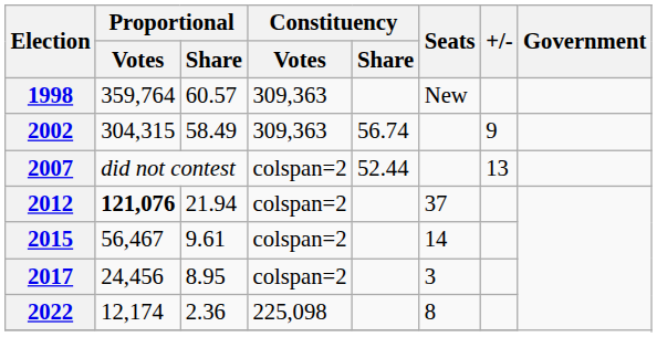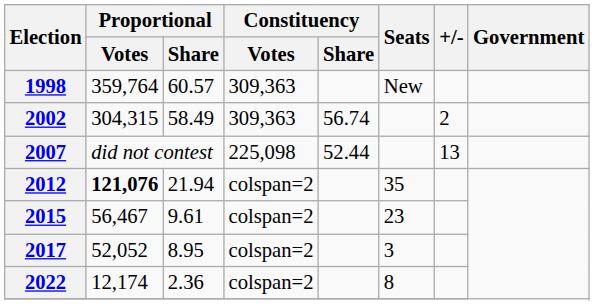 <table class="wikitable">
 <tr>
 <th rowspan=2>Election</th>
 <th colspan=2>Proportional</th>
 <th colspan=2>Constituency</th>
 <th rowspan=2>Seats</th>
 <th rowspan=2>+/-</th>
 <th rowspan=2>Government</th>
 </tr>
 <tr>
 <th>Votes</th>
 <th>Share</th>
 <th>Votes</th>
 <th>Share</th>
 </tr>
 <tr>
 <th><a href='#'>1998</a></th>
 <td>359,764</td>
 <td>60.57</td>
 <td>309,363</td>
 <td></td>
 <td>New</td>
 <td></td>
 </tr>
 <tr>
 <th><a href='#'>2002</a></th>
 <td>304,315</td>
 <td>58.49</td>
 <td>309,363</td>
 <td>56.74</td>
 <td></td>
-<td> 9</td>
+<td> 2</td>
 <td></td>
 </tr>
 <tr>
 <th><a href='#'>2007</a></th>
 <td colspan=2><em>did not contest</em></td>
-<td>colspan=2 </td>
+<td>225,098</td>
 <td>52.44</td>
 <td></td>
 <td> 13</td>
 <td></td>
 </tr>
 <tr>
 <th><a href='#'>2012</a></th>
 <td><strong>121,076</strong></td>
 <td>21.94</td>
 <td>colspan=2 </td>
 <td></td>
-<td> 37</td>
+<td> 35</td>
 <td></td>
 </tr>
 <tr>
 <th><a href='#'>2015</a></th>
 <td>56,467</td>
 <td>9.61</td>
 <td>colspan=2 </td>
 <td></td>
-<td> 14</td>
+<td> 23</td>
 <td></td>
 </tr>
 <tr>
 <th><a href='#'>2017</a></th>
-<td>24,456</td>
+<td>52,052</td>
 <td>8.95</td>
 <td>colspan=2 </td>
 <td></td>
 <td> 3</td>
 <td></td>
 </tr>
 <tr>
 <th><a href='#'>2022</a></th>
 <td>12,174</td>
 <td>2.36</td>
-<td>225,098</td>
+<td>colspan=2 </td>
 <td></td>
 <td> 8</td>
 <td></td>
 </tr>
 <tr>
 </tr>
 </table>
